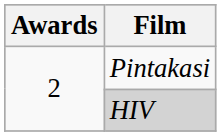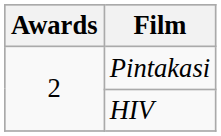 <table class="wikitable" style="text-align:center">
 <tr>
 <th scope="col">Awards</th>
 <th scope="col">Film</th>
 </tr>
 <tr>
 <td rowspan=2>2</td>
 <td align=left><em>Pintakasi</em></td>
 </tr>
 <tr>
-<td align=left style="background: lightgrey;"><em>HIV</em></td>
+<td align=left><em>HIV</em></td>
 </tr>
 </table>
